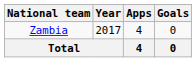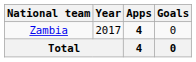 <table class="wikitable" style="text-align:center">
 <tr>
 <th>National team</th>
 <th>Year</th>
 <th>Apps</th>
 <th>Goals</th>
 </tr>
 <tr>
 <td rowspan="1"><a href='#'>Zambia</a></td>
 <td>2017</td>
-<td>4</td>
+<td><strong>4</strong></td>
 <td>0</td>
 </tr>
 <tr>
 <th colspan=2>Total</th>
 <th>4</th>
 <th>0</th>
 </tr>
 </table>
